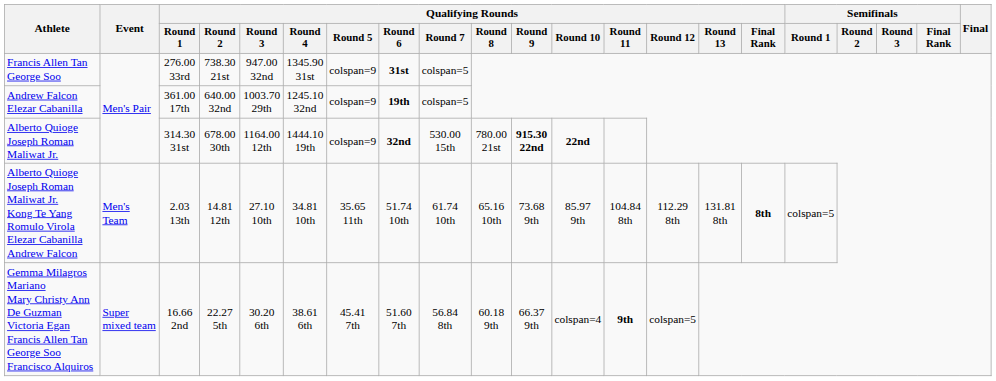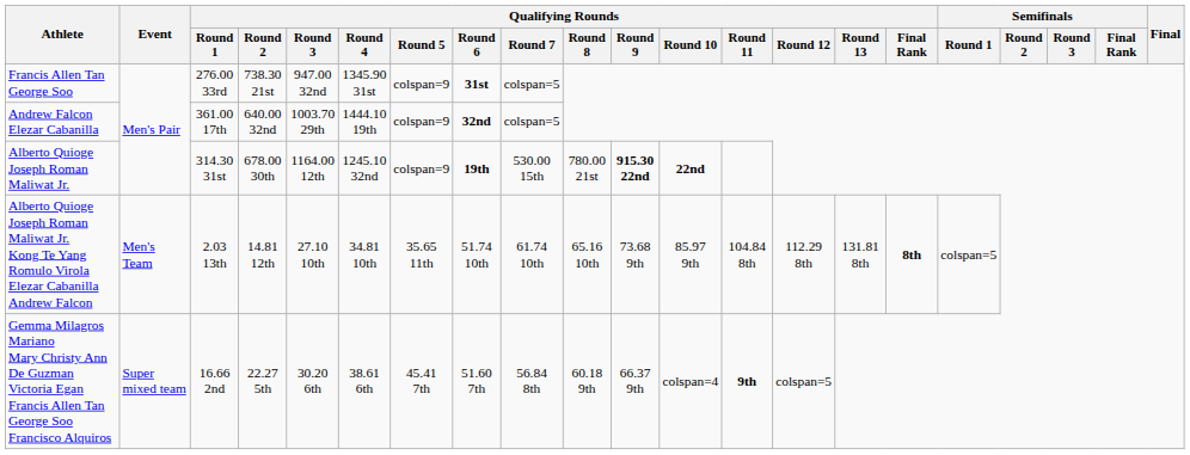 <table class=wikitable style="font-size:90%">
 <tr>
 <th rowspan="2">Athlete</th>
 <th rowspan="2">Event</th>
 <th colspan=14>Qualifying Rounds</th>
 <th colspan=4>Semifinals</th>
 <th rowspan=2>Final</th>
 </tr>
 <tr style="font-size:95%">
 <th>Round 1</th>
 <th>Round 2</th>
 <th>Round 3</th>
 <th>Round 4</th>
 <th>Round 5</th>
 <th>Round 6</th>
 <th>Round 7</th>
 <th>Round 8</th>
 <th>Round 9</th>
 <th>Round 10</th>
 <th>Round 11</th>
 <th>Round 12</th>
 <th>Round 13</th>
 <th>Final Rank</th>
 <th>Round 1</th>
 <th>Round 2</th>
 <th>Round 3</th>
 <th>Final Rank</th>
 </tr>
 <tr align=center>
 <td align=left><a href='#'>Francis Allen Tan</a><br><a href='#'>George Soo</a></td>
 <td rowspan=3 align=left><a href='#'>Men's Pair</a></td>
 <td>276.00 <br> 33rd</td>
 <td>738.30 <br> 21st</td>
 <td>947.00 <br> 32nd</td>
 <td>1345.90 <br> 31st</td>
 <td>colspan=9 </td>
 <td><strong>31st</strong></td>
 <td>colspan=5 </td>
 </tr>
 <tr align=center>
 <td align=left><a href='#'>Andrew Falcon</a><br><a href='#'>Elezar Cabanilla</a></td>
 <td>361.00 <br> 17th</td>
 <td>640.00 <br> 32nd</td>
 <td>1003.70 <br> 29th</td>
-<td>1245.10 <br> 32nd</td>
+<td>1444.10 <br> 19th</td>
 <td>colspan=9 </td>
-<td><strong>19th</strong></td>
+<td><strong>32nd</strong></td>
 <td>colspan=5 </td>
 </tr>
 <tr align=center>
 <td align=left><a href='#'>Alberto Quioge</a><br><a href='#'>Joseph Roman Maliwat Jr.</a></td>
 <td>314.30 <br> 31st</td>
 <td>678.00 <br> 30th</td>
 <td>1164.00 <br> 12th</td>
-<td>1444.10 <br> 19th</td>
+<td>1245.10 <br> 32nd</td>
 <td>colspan=9 </td>
-<td><strong>32nd</strong></td>
+<td><strong>19th</strong></td>
 <td>530.00 <br> 15th</td>
 <td>780.00 <br> 21st</td>
 <td><strong>915.30 <br> 22nd</strong></td>
 <td><strong>22nd</strong></td>
 <td></td>
 </tr>
 <tr align=center>
 <td align=left><a href='#'>Alberto Quioge</a><br><a href='#'>Joseph Roman Maliwat Jr.</a><br><a href='#'>Kong Te Yang</a><br><a href='#'>Romulo Virola</a><br><a href='#'>Elezar Cabanilla</a><br><a href='#'>Andrew Falcon</a></td>
 <td align=left><a href='#'>Men's Team</a></td>
 <td>2.03 <br> 13th</td>
 <td>14.81 <br> 12th</td>
 <td>27.10 <br> 10th</td>
 <td>34.81 <br> 10th</td>
 <td>35.65 <br> 11th</td>
 <td>51.74 <br> 10th</td>
 <td>61.74 <br> 10th</td>
 <td>65.16 <br> 10th</td>
 <td>73.68 <br> 9th</td>
 <td>85.97 <br> 9th</td>
 <td>104.84 <br> 8th</td>
 <td>112.29 <br> 8th</td>
 <td>131.81 <br> 8th</td>
 <td><strong>8th</strong></td>
 <td>colspan=5 </td>
 </tr>
 <tr align=center>
 <td align=left><a href='#'>Gemma Milagros Mariano</a><br><a href='#'>Mary Christy Ann De Guzman</a><br><a href='#'>Victoria Egan</a><br><a href='#'>Francis Allen Tan</a><br><a href='#'>George Soo</a><br><a href='#'>Francisco Alquiros</a></td>
 <td align=left><a href='#'>Super mixed team</a></td>
 <td>16.66 <br> 2nd</td>
 <td>22.27 <br> 5th</td>
 <td>30.20 <br> 6th</td>
 <td>38.61 <br> 6th</td>
 <td>45.41 <br> 7th</td>
 <td>51.60 <br> 7th</td>
 <td>56.84 <br> 8th</td>
 <td>60.18 <br> 9th</td>
 <td>66.37 <br> 9th</td>
 <td>colspan=4 </td>
 <td><strong>9th</strong></td>
 <td>colspan=5 </td>
 </tr>
 </table>
